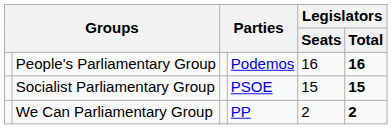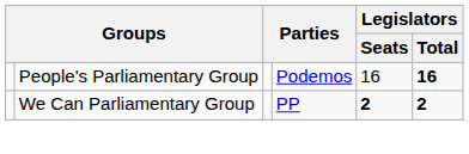 <table class="wikitable" style="text-align:left;">
 <tr>
 <th rowspan="2" colspan="2">Groups</th>
 <th rowspan="2" colspan="2">Parties</th>
 <th colspan="2">Legislators</th>
 </tr>
 <tr>
 <th>Seats</th>
 <th>Total</th>
 </tr>
 <tr>
 <td width="1" style="color:inherit;background:"></td>
 <td>People's Parliamentary Group</td>
 <td width="1" style="color:inherit;background:"></td>
 <td><a href='#'>Podemos</a></td>
 <td>16</td>
 <td><strong>16</strong></td>
 </tr>
 <tr>
 <td style="color:inherit;background:"></td>
-<td>Socialist Parliamentary Group</td>
-<td style="color:inherit;background:"></td>
-<td><a href='#'>PSOE</a></td>
-<td>15</td>
-<td><strong>15</strong></td>
-</tr>
-<tr>
-<td style="color:inherit;background:"></td>
 <td>We Can Parliamentary Group</td>
 <td style="color:inherit;background:"></td>
 <td><a href='#'>PP</a></td>
-<td>2</td>
+<td><strong>2</strong></td>
 <td><strong>2</strong></td>
 </tr>
 </table>
